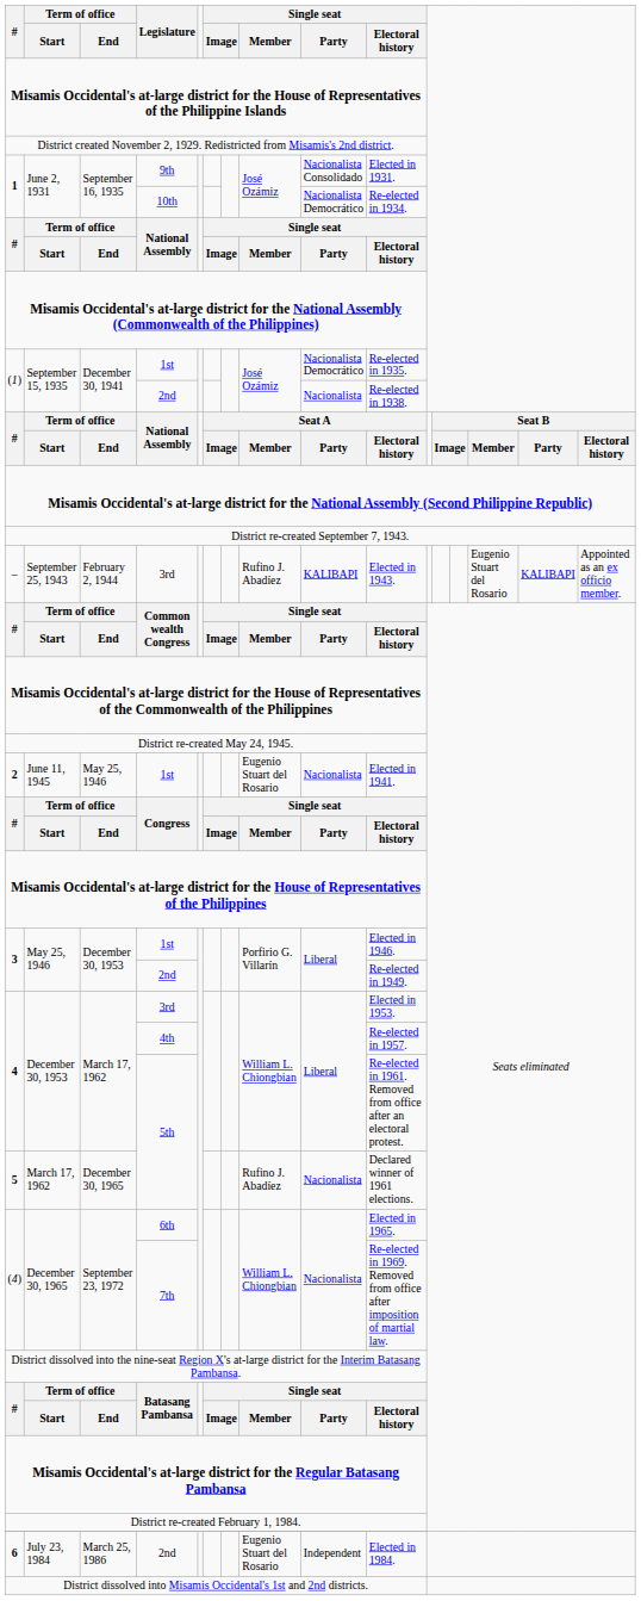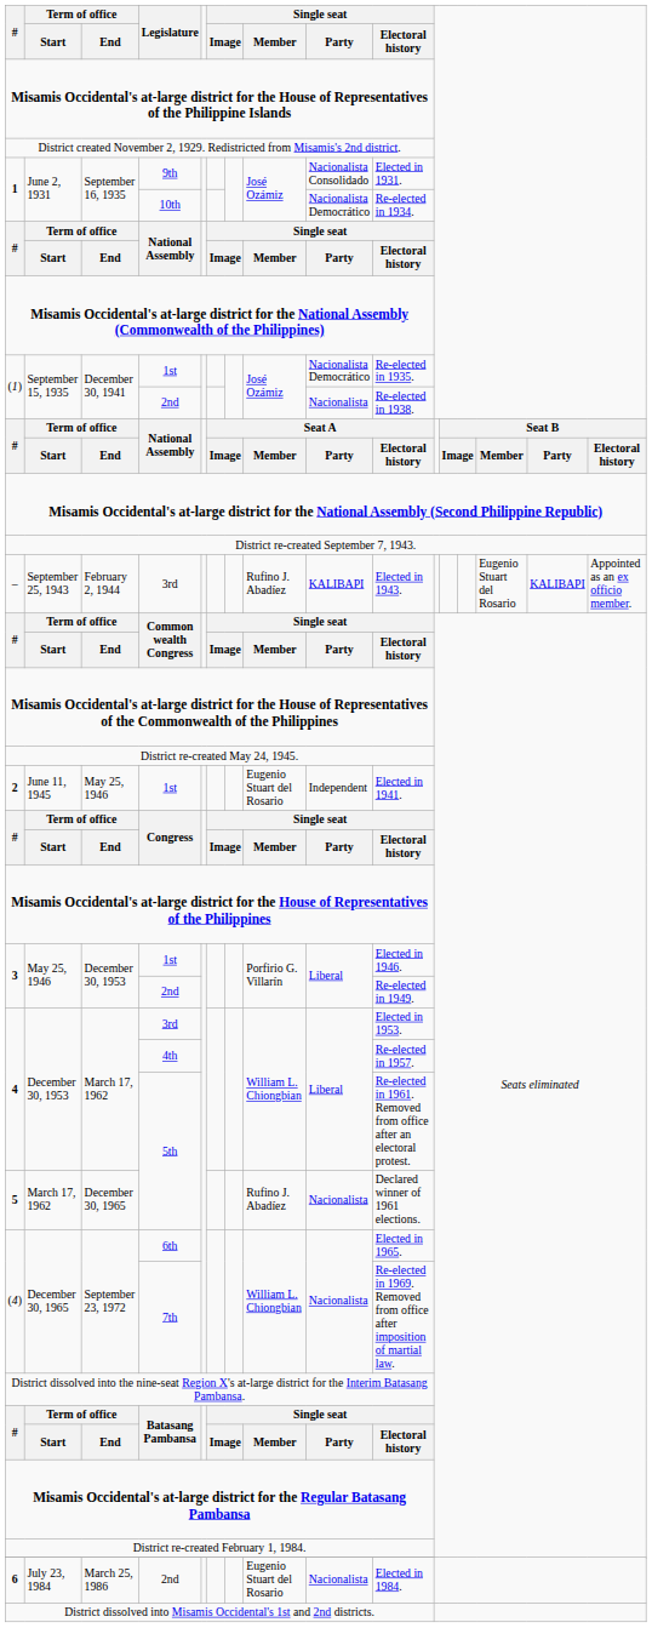 <table class=wikitable>
 <tr>
 <th rowspan=2>#</th>
 <th colspan=2>Term of office</th>
 <th rowspan=2>Legislature</th>
 <td rowspan=2></td>
 <th colspan=5>Single seat</th>
 </tr>
 <tr style="height:3em">
 <th>Start</th>
 <th>End</th>
 <th colspan="2" style="text-align:center;">Image</th>
 <th>Member</th>
 <th>Party</th>
 <th>Electoral history</th>
 </tr>
 <tr>
 <td colspan="10" style="text-align:center;"><br><h3>Misamis Occidental's at-large district for the House of Representatives of the Philippine Islands</h3></td>
 </tr>
 <tr>
 <td colspan="10" style="text-align:center;">District created November 2, 1929. Redistricted from <a href='#'>Misamis's 2nd district</a>.</td>
 </tr>
 <tr>
 <td rowspan="2" style="text-align:center;"><strong>1</strong></td>
 <td rowspan="2">June 2, 1931</td>
 <td rowspan="2">September 16, 1935</td>
 <td style="text-align:center;"><a href='#'>9th</a></td>
 <td rowspan="2"></td>
 <td style="color:inherit;background:"></td>
 <td rowspan="2"></td>
 <td rowspan="2"><a href='#'>José Ozámiz</a></td>
 <td><a href='#'>Nacionalista</a><br>Consolidado</td>
 <td><a href='#'>Elected in 1931</a>.</td>
 </tr>
 <tr>
 <td style="text-align:center;"><a href='#'>10th</a></td>
 <td style="color:inherit;background:"></td>
 <td><a href='#'>Nacionalista</a><br>Democrático</td>
 <td><a href='#'>Re-elected in 1934</a>.</td>
 </tr>
 <tr>
 <th rowspan=2>#</th>
 <th colspan=2>Term of office</th>
 <th rowspan=2>National<br>Assembly</th>
 <td rowspan=2></td>
 <th colspan=5>Single seat</th>
 </tr>
 <tr style="height:3em">
 <th>Start</th>
 <th>End</th>
 <th colspan="2" style="text-align:center;">Image</th>
 <th>Member</th>
 <th>Party</th>
 <th>Electoral history</th>
 </tr>
 <tr>
 <td colspan="10" style="text-align:center;"><br><h3>Misamis Occidental's at-large district for the <a href='#'>National Assembly (Commonwealth of the Philippines)</a></h3></td>
 </tr>
 <tr>
 <td rowspan="2" style="text-align:center;">(<em>1</em>)</td>
 <td rowspan="2">September 15, 1935</td>
 <td rowspan="2">December 30, 1941</td>
 <td style="text-align:center;"><a href='#'>1st</a></td>
 <td rowspan=2></td>
 <td style="color:inherit;background:"></td>
 <td rowspan="2"></td>
 <td rowspan="2"><a href='#'>José Ozámiz</a></td>
 <td><a href='#'>Nacionalista</a><br>Democrático</td>
 <td><a href='#'>Re-elected in 1935</a>.</td>
 </tr>
 <tr>
 <td style="text-align:center;"><a href='#'>2nd</a></td>
 <td style="color:inherit;background:"></td>
 <td><a href='#'>Nacionalista</a></td>
 <td><a href='#'>Re-elected in 1938</a>.</td>
 </tr>
 <tr>
 <th rowspan=2>#</th>
 <th colspan=2>Term of office</th>
 <th rowspan=2>National<br>Assembly</th>
 <td rowspan=2></td>
 <th colspan=5>Seat A</th>
 <td rowspan=2></td>
 <th colspan=5>Seat B</th>
 </tr>
 <tr style="height:3em">
 <th>Start</th>
 <th>End</th>
 <th colspan="2" style="text-align:center;">Image</th>
 <th>Member</th>
 <th>Party</th>
 <th>Electoral history</th>
 <th colspan="2" style="text-align:center;">Image</th>
 <th>Member</th>
 <th>Party</th>
 <th>Electoral history</th>
 </tr>
 <tr>
 <td colspan="16" style="text-align:center;"><br><h3>Misamis Occidental's at-large district for the <a href='#'>National Assembly (Second Philippine Republic)</a></h3></td>
 </tr>
 <tr>
 <td colspan="16" style="text-align:center;">District re-created September 7, 1943.</td>
 </tr>
 <tr>
 <td style="text-align:center;">–</td>
 <td>September 25, 1943</td>
 <td>February 2, 1944</td>
 <td style="text-align:center;">3rd</td>
 <td></td>
 <td style="color:inherit;background:"></td>
 <td></td>
 <td>Rufino J. Abadíez</td>
 <td><a href='#'>KALIBAPI</a></td>
 <td><a href='#'>Elected in 1943</a>.</td>
 <td></td>
 <td style="color:inherit;background:"></td>
 <td></td>
 <td>Eugenio Stuart del Rosario</td>
 <td><a href='#'>KALIBAPI</a></td>
 <td>Appointed as an <a href='#'>ex officio member</a>.</td>
 </tr>
 <tr>
 <th rowspan=2>#</th>
 <th colspan=2>Term of office</th>
 <th rowspan=2>Common<br>wealth<br>Congress</th>
 <td rowspan=2></td>
 <th colspan=5>Single seat</th>
 <td rowspan=22 colspan=6 style="text-align:center;"><em>Seats eliminated</em></td>
 </tr>
 <tr style="height:3em">
 <th>Start</th>
 <th>End</th>
 <th colspan="2" style="text-align:center;">Image</th>
 <th>Member</th>
 <th>Party</th>
 <th>Electoral history</th>
 </tr>
 <tr>
 <td colspan="10" style="text-align:center;"><br><h3>Misamis Occidental's at-large district for the House of Representatives of the Commonwealth of the Philippines</h3></td>
 </tr>
 <tr>
 <td colspan="10" style="text-align:center;">District re-created May 24, 1945.</td>
 </tr>
 <tr>
 <td style="text-align:center;"><strong>2</strong></td>
 <td>June 11, 1945</td>
 <td>May 25, 1946</td>
 <td style="text-align:center;"><a href='#'>1st</a></td>
 <td></td>
 <td style="color:inherit;background:"></td>
 <td></td>
 <td>Eugenio Stuart del Rosario</td>
-<td><a href='#'>Nacionalista</a></td>
+<td>Independent</td>
 <td><a href='#'>Elected in 1941</a>.</td>
 </tr>
 <tr>
 <th rowspan=2>#</th>
 <th colspan=2>Term of office</th>
 <th rowspan=2>Congress</th>
 <td rowspan=2></td>
 <th colspan=5>Single seat</th>
 </tr>
 <tr style="height:3em">
 <th>Start</th>
 <th>End</th>
 <th colspan="2" style="text-align:center;">Image</th>
 <th>Member</th>
 <th>Party</th>
 <th>Electoral history</th>
 </tr>
 <tr>
 <td colspan="10" style="text-align:center;"><br><h3>Misamis Occidental's at-large district for the <a href='#'>House of Representatives of the Philippines</a></h3></td>
 </tr>
 <tr>
 <td rowspan="2" style="text-align:center;"><strong>3</strong></td>
 <td rowspan="2">May 25, 1946</td>
 <td rowspan="2">December 30, 1953</td>
 <td style="text-align:center;"><a href='#'>1st</a></td>
 <td rowspan=8></td>
 <td rowspan="2" style="color:inherit;background:"></td>
 <td rowspan="2"></td>
 <td rowspan="2">Porfirio G. Villarín</td>
 <td rowspan="2"><a href='#'>Liberal</a></td>
 <td><a href='#'>Elected in 1946</a>.</td>
 </tr>
 <tr>
 <td style="text-align:center;"><a href='#'>2nd</a></td>
 <td><a href='#'>Re-elected in 1949</a>.</td>
 </tr>
 <tr>
 <td rowspan="3" style="text-align:center;"><strong>4</strong></td>
 <td rowspan="3">December 30, 1953</td>
 <td rowspan="3">March 17, 1962</td>
 <td style="text-align:center;"><a href='#'>3rd</a></td>
 <td rowspan="3" style="color:inherit;background:"></td>
 <td rowspan="3"></td>
 <td rowspan="3"><a href='#'>William L. Chiongbian</a></td>
 <td rowspan="3"><a href='#'>Liberal</a></td>
 <td><a href='#'>Elected in 1953</a>.</td>
 </tr>
 <tr>
 <td style="text-align:center;"><a href='#'>4th</a></td>
 <td><a href='#'>Re-elected in 1957</a>.</td>
 </tr>
 <tr>
 <td rowspan="2" style="text-align:center;"><a href='#'>5th</a></td>
 <td><a href='#'>Re-elected in 1961</a>.<br>Removed from office after an electoral protest.</td>
 </tr>
 <tr>
 <td style="text-align:center;"><strong>5</strong></td>
 <td>March 17, 1962</td>
 <td>December 30, 1965</td>
 <td style="color:inherit;background:"></td>
 <td></td>
 <td>Rufino J. Abadíez</td>
 <td><a href='#'>Nacionalista</a></td>
 <td>Declared winner of 1961 elections.</td>
 </tr>
 <tr>
 <td rowspan="2" style="text-align:center;">(<em>4</em>)</td>
 <td rowspan="2">December 30, 1965</td>
 <td rowspan="2">September 23, 1972</td>
 <td style="text-align:center;"><a href='#'>6th</a></td>
 <td rowspan="2" style="color:inherit;background:"></td>
 <td rowspan="2"></td>
 <td rowspan="2"><a href='#'>William L. Chiongbian</a></td>
 <td rowspan="2"><a href='#'>Nacionalista</a></td>
 <td><a href='#'>Elected in 1965</a>.</td>
 </tr>
 <tr>
 <td style="text-align:center;"><a href='#'>7th</a></td>
 <td><a href='#'>Re-elected in 1969</a>.<br>Removed from office after <a href='#'>imposition of martial law</a>.</td>
 </tr>
 <tr>
 <td colspan="10" style="text-align:center;">District dissolved into the nine-seat <a href='#'>Region X</a>'s at-large district for the <a href='#'>Interim Batasang Pambansa</a>.</td>
 </tr>
 <tr>
 <th rowspan=2>#</th>
 <th colspan=2>Term of office</th>
 <th rowspan=2>Batasang<br>Pambansa</th>
 <td rowspan=2></td>
 <th colspan=5>Single seat</th>
 </tr>
 <tr style="height:3em">
 <th>Start</th>
 <th>End</th>
 <th colspan="2" style="text-align:center;">Image</th>
 <th>Member</th>
 <th>Party</th>
 <th>Electoral history</th>
 </tr>
 <tr>
 <td colspan="10" style="text-align:center;"><br><h3>Misamis Occidental's at-large district for the <a href='#'>Regular Batasang Pambansa</a></h3></td>
 </tr>
 <tr>
 <td colspan="10" style="text-align:center;">District re-created February 1, 1984.</td>
 </tr>
 <tr>
 </tr>
 <tr style="height:3em">
 <td style="text-align:center;"><strong>6</strong></td>
 <td>July 23, 1984</td>
 <td>March 25, 1986</td>
 <td style="text-align:center;">2nd</td>
 <td></td>
 <td style="color:inherit;background:"></td>
 <td></td>
 <td>Eugenio Stuart del Rosario</td>
-<td>Independent</td>
+<td><a href='#'>Nacionalista</a></td>
 <td><a href='#'>Elected in 1984</a>.</td>
 </tr>
 <tr>
 <td colspan="10" style="text-align:center;">District dissolved into <a href='#'>Misamis Occidental's 1st</a> and <a href='#'>2nd</a> districts.</td>
 <td colspan="6"></td>
 </tr>
 </table>
